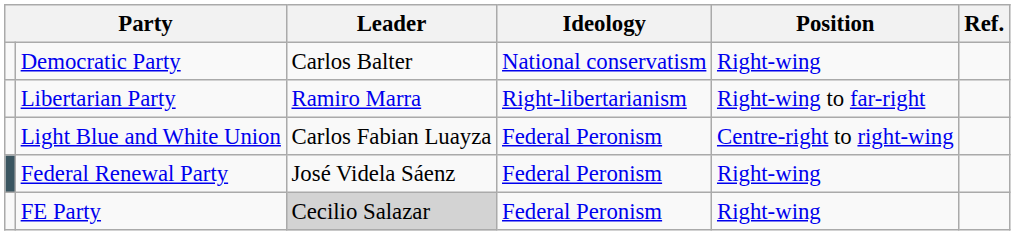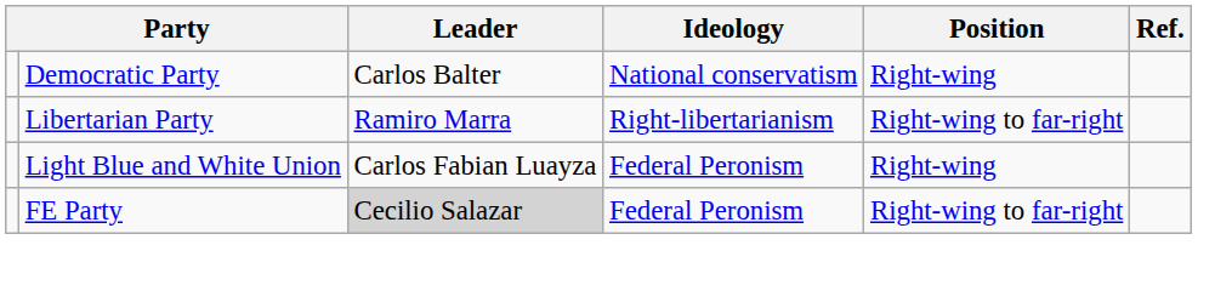 <table class="wikitable sortable" style="font-size:95%">
 <tr>
 <th colspan="2">Party</th>
 <th>Leader</th>
 <th>Ideology</th>
 <th>Position</th>
 <th>Ref.</th>
 </tr>
 <tr>
 <td></td>
 <td><a href='#'>Democratic Party</a></td>
 <td>Carlos Balter</td>
 <td><a href='#'>National conservatism</a></td>
 <td><a href='#'>Right-wing</a></td>
 <td></td>
 </tr>
 <tr>
 <td></td>
 <td><a href='#'>Libertarian Party</a></td>
 <td><a href='#'>Ramiro Marra</a></td>
 <td><a href='#'>Right-libertarianism</a></td>
 <td><a href='#'>Right-wing</a> to <a href='#'>far-right</a></td>
 <td></td>
 </tr>
 <tr>
 <td></td>
 <td><a href='#'>Light Blue and White Union</a></td>
 <td>Carlos Fabian Luayza</td>
 <td><a href='#'>Federal Peronism</a></td>
-<td><a href='#'>Centre-right</a> to <a href='#'>right-wing</a></td>
-<td></td>
-</tr>
-<tr>
-<td bgcolor="3a5560"></td>
-<td><a href='#'>Federal Renewal Party</a></td>
-<td>José Videla Sáenz</td>
-<td><a href='#'>Federal Peronism</a></td>
 <td><a href='#'>Right-wing</a></td>
 <td></td>
 </tr>
 <tr>
 <td></td>
 <td><a href='#'>FE Party</a></td>
 <td style="background: lightgrey;">Cecilio Salazar</td>
 <td><a href='#'>Federal Peronism</a></td>
-<td><a href='#'>Right-wing</a></td>
+<td><a href='#'>Right-wing</a> to <a href='#'>far-right</a></td>
 <td></td>
 </tr>
 </table>
